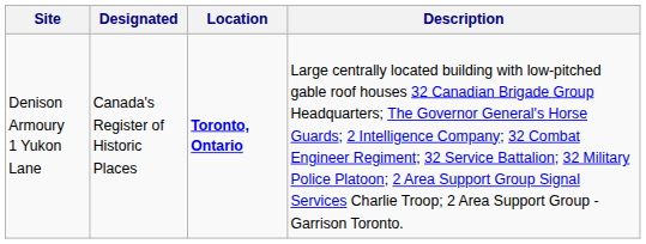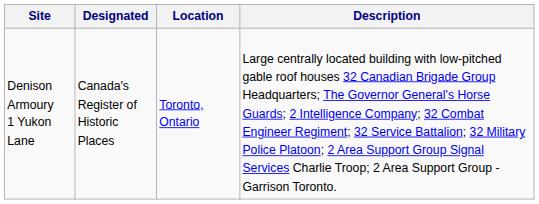 <table class="wikitable sortable" style="font-size:90%;width:100%;border:0px;text-align:left;line-height:150%;">
 <tr>
 <th style="background: #f2f2f2; color: #000080" width="11%">Site</th>
 <th style="background: #f2f2f2; color: #000080" width="9%">Designated</th>
 <th style="background: #f2f2f2; color: #000080" width="13%">Location</th>
 <th style="background: #f2f2f2; color: #000080" width="46%" class="unsortable">Description</th>
 </tr>
 <tr>
 <td>Denison Armoury<br> 1 Yukon Lane</td>
 <td>Canada's Register of Historic Places</td>
-<td><strong><a href='#'>Toronto, Ontario</a></strong></td>
+<td><a href='#'>Toronto, Ontario</a></td>
 <td><br>Large centrally located building with low-pitched gable roof houses <a href='#'>32 Canadian Brigade Group</a> Headquarters; <a href='#'>The Governor General's Horse Guards</a>; <a href='#'>2 Intelligence Company</a>; <a href='#'>32 Combat Engineer Regiment</a>; <a href='#'>32 Service Battalion</a>; <a href='#'>32 Military Police Platoon</a>; <a href='#'>2 Area Support Group Signal Services</a> Charlie Troop; 2 Area Support Group - Garrison Toronto.</td>
 </tr>
 <tr>
 </tr>
 </table>
